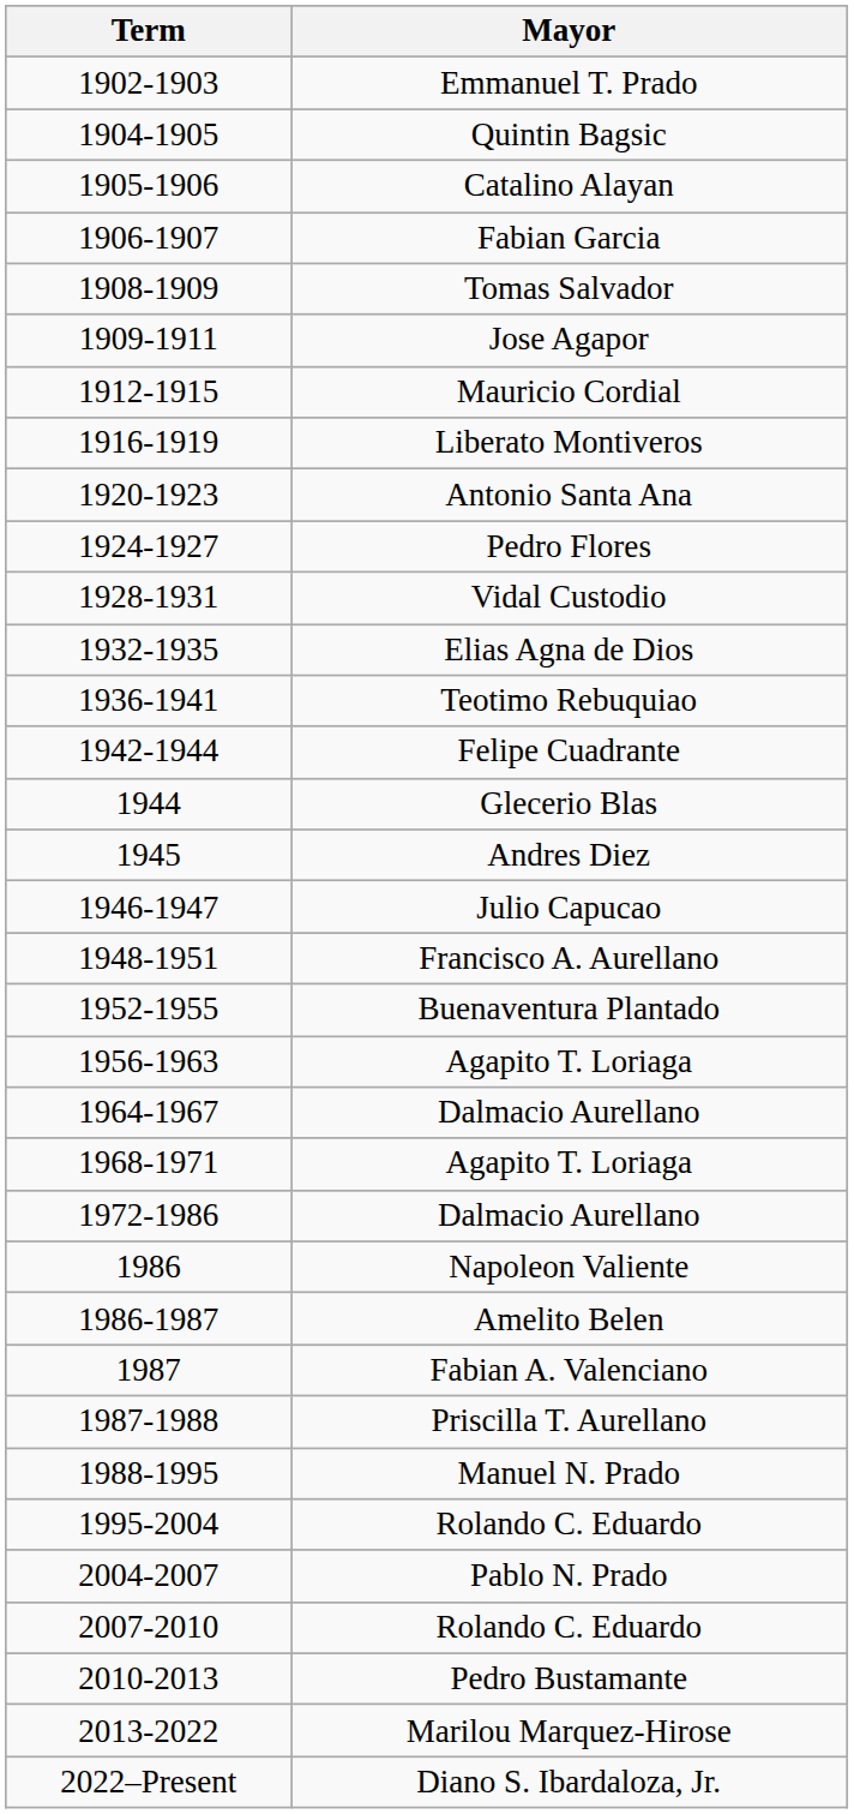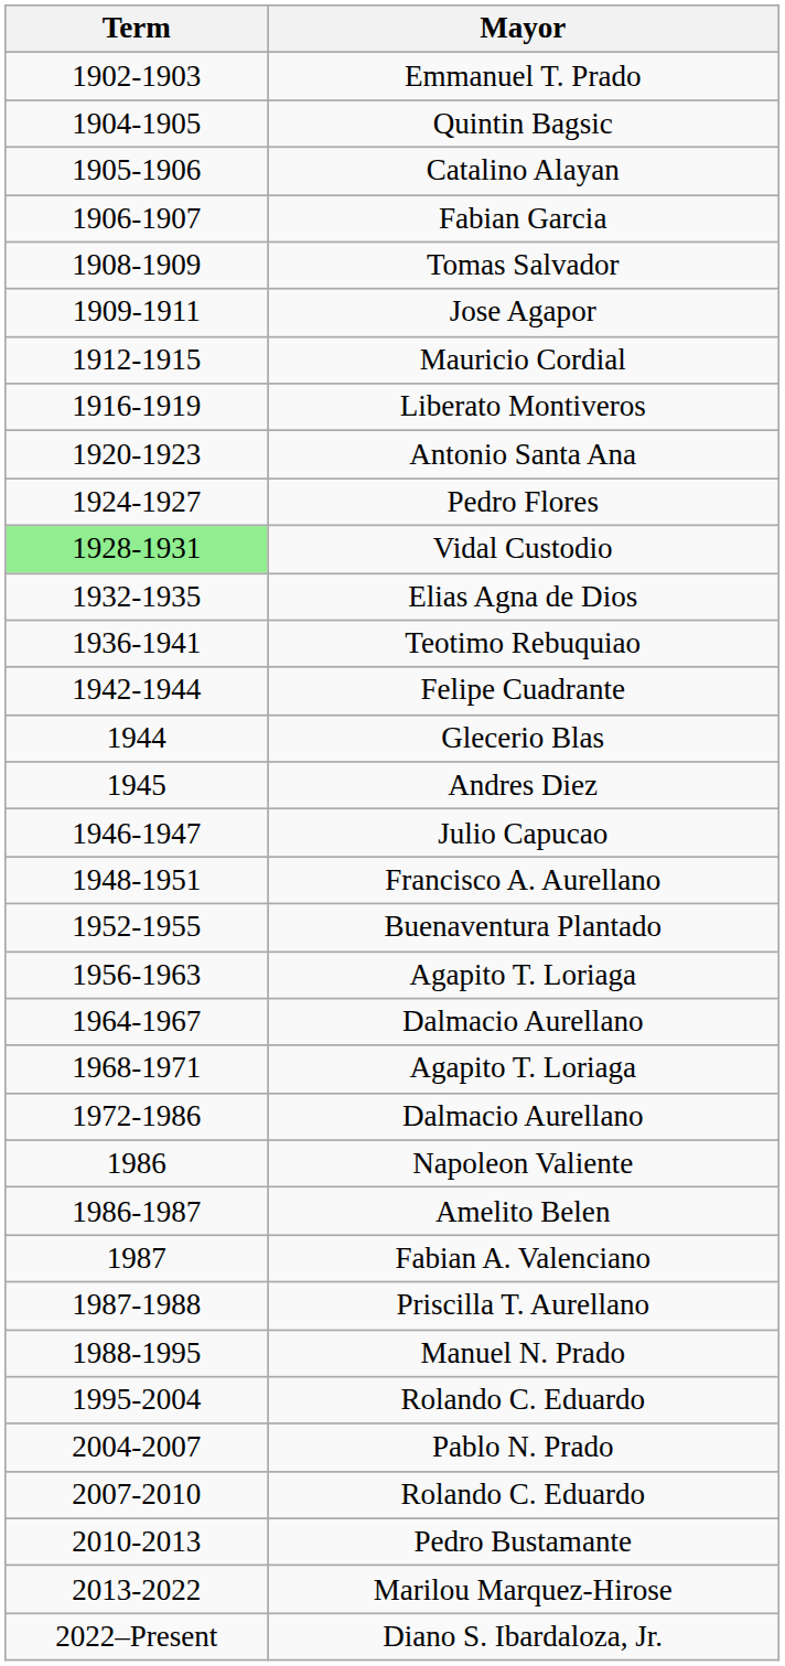 <table class="wikitable sortable" style="text-align: center">
 <tr>
 <th style="width: 100pt;">Term</th>
 <th style="width: 200pt;">Mayor</th>
 </tr>
 <tr>
 <td>1902-1903</td>
 <td>Emmanuel T. Prado</td>
 </tr>
 <tr>
 <td>1904-1905</td>
 <td>Quintin Bagsic</td>
 </tr>
 <tr>
 <td>1905-1906</td>
 <td>Catalino Alayan</td>
 </tr>
 <tr>
 <td>1906-1907</td>
 <td>Fabian Garcia</td>
 </tr>
 <tr>
 <td>1908-1909</td>
 <td>Tomas Salvador</td>
 </tr>
 <tr>
 <td>1909-1911</td>
 <td>Jose Agapor</td>
 </tr>
 <tr>
 <td>1912-1915</td>
 <td>Mauricio Cordial</td>
 </tr>
 <tr>
 <td>1916-1919</td>
 <td>Liberato Montiveros</td>
 </tr>
 <tr>
 <td>1920-1923</td>
 <td>Antonio Santa Ana</td>
 </tr>
 <tr>
 <td>1924-1927</td>
 <td>Pedro Flores</td>
 </tr>
 <tr>
-<td>1928-1931</td>
+<td style="background: lightgreen;">1928-1931</td>
 <td>Vidal Custodio</td>
 </tr>
 <tr>
 <td>1932-1935</td>
 <td>Elias Agna de Dios</td>
 </tr>
 <tr>
 <td>1936-1941</td>
 <td>Teotimo Rebuquiao</td>
 </tr>
 <tr>
 <td>1942-1944</td>
 <td>Felipe Cuadrante</td>
 </tr>
 <tr>
 <td>1944</td>
 <td>Glecerio Blas</td>
 </tr>
 <tr>
 <td>1945</td>
 <td>Andres Diez</td>
 </tr>
 <tr>
 <td>1946-1947</td>
 <td>Julio Capucao</td>
 </tr>
 <tr>
 <td>1948-1951</td>
 <td>Francisco A.  Aurellano</td>
 </tr>
 <tr>
 <td>1952-1955</td>
 <td>Buenaventura Plantado</td>
 </tr>
 <tr>
 <td>1956-1963</td>
 <td>Agapito T. Loriaga</td>
 </tr>
 <tr>
 <td>1964-1967</td>
 <td>Dalmacio Aurellano</td>
 </tr>
 <tr>
 <td>1968-1971</td>
 <td>Agapito T. Loriaga</td>
 </tr>
 <tr>
 <td>1972-1986</td>
 <td>Dalmacio Aurellano</td>
 </tr>
 <tr>
 <td>1986</td>
 <td>Napoleon Valiente</td>
 </tr>
 <tr>
 <td>1986-1987</td>
 <td>Amelito Belen</td>
 </tr>
 <tr>
 <td>1987</td>
 <td>Fabian A. Valenciano</td>
 </tr>
 <tr>
 <td>1987-1988</td>
 <td>Priscilla T. Aurellano</td>
 </tr>
 <tr>
 <td>1988-1995</td>
 <td>Manuel N. Prado</td>
 </tr>
 <tr>
 <td>1995-2004</td>
 <td>Rolando C. Eduardo</td>
 </tr>
 <tr>
 <td>2004-2007</td>
 <td>Pablo N. Prado</td>
 </tr>
 <tr>
 <td>2007-2010</td>
 <td>Rolando C. Eduardo</td>
 </tr>
 <tr>
 <td>2010-2013</td>
 <td>Pedro Bustamante</td>
 </tr>
 <tr>
 <td>2013-2022</td>
 <td>Marilou Marquez-Hirose</td>
 </tr>
 <tr>
 <td>2022–Present</td>
 <td>Diano S. Ibardaloza, Jr.</td>
 </tr>
 </table>
